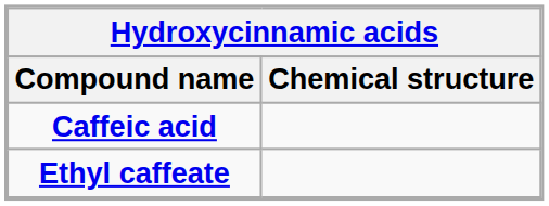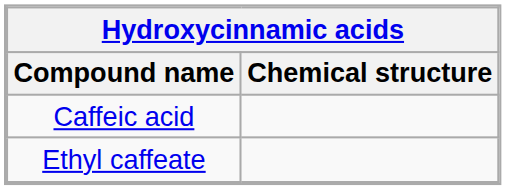 <table class="wikitable sortable" style="font-size:smaller; text-align:center; display: inline-block; vertical-align: top">
 <tr>
 <th colspan=3><a href='#'>Hydroxycinnamic acids</a></th>
 </tr>
 <tr>
 <th scope="col">Compound name</th>
 <th scope="col" class="unsortable">Chemical structure</th>
 </tr>
 <tr>
-<td><strong><a href='#'>Caffeic acid</a></strong></td>
+<td><a href='#'>Caffeic acid</a></td>
 <td></td>
 </tr>
 <tr>
-<td><strong><a href='#'>Ethyl caffeate</a></strong></td>
+<td><a href='#'>Ethyl caffeate</a></td>
 <td></td>
 </tr>
 </table>
